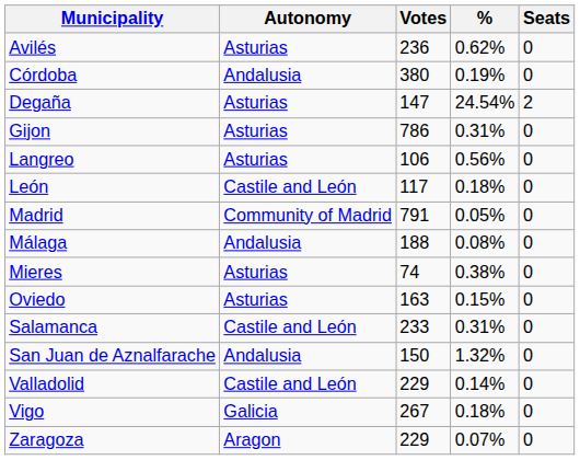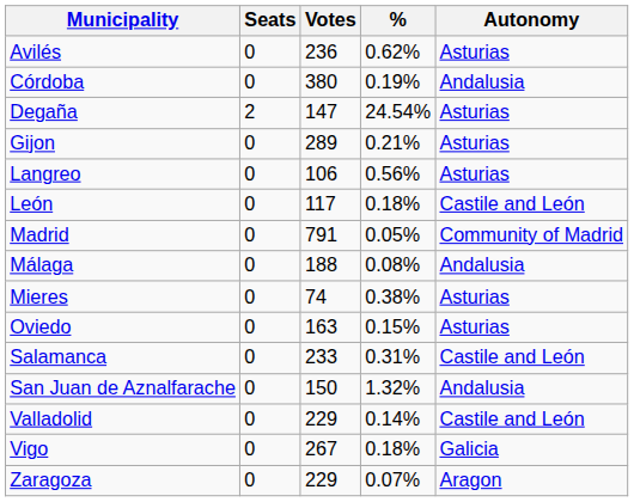 <table class="wikitable sortable" style="display: inline-table;">
 <tr>
 <th><a href='#'>Municipality</a></th>
-<th>Autonomy</th>
+<th>Seats</th>
 <th>Votes</th>
 <th>%</th>
-<th>Seats</th>
+<th>Autonomy</th>
 </tr>
 <tr>
 <td><a href='#'>Avilés</a></td>
-<td><a href='#'>Asturias</a></td>
+<td>0</td>
 <td>236</td>
 <td>0.62%</td>
-<td>0</td>
+<td><a href='#'>Asturias</a></td>
 </tr>
 <tr>
 <td><a href='#'>Córdoba</a></td>
-<td><a href='#'>Andalusia</a></td>
+<td>0</td>
 <td>380</td>
 <td>0.19%</td>
-<td>0</td>
+<td><a href='#'>Andalusia</a></td>
 </tr>
 <tr>
 <td><a href='#'>Degaña</a></td>
-<td><a href='#'>Asturias</a></td>
+<td>2</td>
 <td>147</td>
 <td>24.54%</td>
-<td>2</td>
+<td><a href='#'>Asturias</a></td>
 </tr>
 <tr>
 <td><a href='#'>Gijon</a></td>
+<td>0</td>
+<td>289</td>
+<td>0.21%</td>
 <td><a href='#'>Asturias</a></td>
-<td>786</td>
-<td>0.31%</td>
-<td>0</td>
 </tr>
 <tr>
 <td><a href='#'>Langreo</a></td>
-<td><a href='#'>Asturias</a></td>
+<td>0</td>
 <td>106</td>
 <td>0.56%</td>
-<td>0</td>
+<td><a href='#'>Asturias</a></td>
 </tr>
 <tr>
 <td><a href='#'>León</a></td>
-<td><a href='#'>Castile and León</a></td>
+<td>0</td>
 <td>117</td>
 <td>0.18%</td>
-<td>0</td>
+<td><a href='#'>Castile and León</a></td>
 </tr>
 <tr>
 <td><a href='#'>Madrid</a></td>
-<td><a href='#'>Community of Madrid</a></td>
+<td>0</td>
 <td>791</td>
 <td>0.05%</td>
-<td>0</td>
+<td><a href='#'>Community of Madrid</a></td>
 </tr>
 <tr>
 <td><a href='#'>Málaga</a></td>
-<td><a href='#'>Andalusia</a></td>
+<td>0</td>
 <td>188</td>
 <td>0.08%</td>
-<td>0</td>
+<td><a href='#'>Andalusia</a></td>
 </tr>
 <tr>
 <td><a href='#'>Mieres</a></td>
-<td><a href='#'>Asturias</a></td>
+<td>0</td>
 <td>74</td>
 <td>0.38%</td>
-<td>0</td>
+<td><a href='#'>Asturias</a></td>
 </tr>
 <tr>
 <td><a href='#'>Oviedo</a></td>
-<td><a href='#'>Asturias</a></td>
+<td>0</td>
 <td>163</td>
 <td>0.15%</td>
-<td>0</td>
+<td><a href='#'>Asturias</a></td>
 </tr>
 <tr>
 <td><a href='#'>Salamanca</a></td>
-<td><a href='#'>Castile and León</a></td>
+<td>0</td>
 <td>233</td>
 <td>0.31%</td>
-<td>0</td>
+<td><a href='#'>Castile and León</a></td>
 </tr>
 <tr>
 <td><a href='#'>San Juan de Aznalfarache</a></td>
-<td><a href='#'>Andalusia</a></td>
+<td>0</td>
 <td>150</td>
 <td>1.32%</td>
-<td>0</td>
+<td><a href='#'>Andalusia</a></td>
 </tr>
 <tr>
 <td><a href='#'>Valladolid</a></td>
-<td><a href='#'>Castile and León</a></td>
+<td>0</td>
 <td>229</td>
 <td>0.14%</td>
-<td>0</td>
+<td><a href='#'>Castile and León</a></td>
 </tr>
 <tr>
 <td><a href='#'>Vigo</a></td>
-<td><a href='#'>Galicia</a></td>
+<td>0</td>
 <td>267</td>
 <td>0.18%</td>
-<td>0</td>
+<td><a href='#'>Galicia</a></td>
 </tr>
 <tr>
 <td><a href='#'>Zaragoza</a></td>
-<td><a href='#'>Aragon</a></td>
+<td>0</td>
 <td>229</td>
 <td>0.07%</td>
-<td>0</td>
+<td><a href='#'>Aragon</a></td>
 </tr>
 </table>
